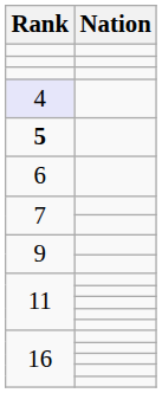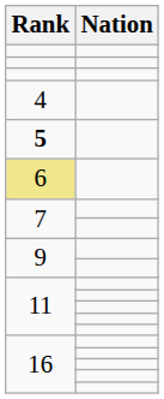 <table class="wikitable sortable" style="text-align:center">
 <tr>
 <th>Rank</th>
 <th>Nation</th>
 </tr>
 <tr>
 <td></td>
 <td align=left></td>
 </tr>
 <tr>
 <td></td>
 <td align=left></td>
 </tr>
 <tr>
 <td></td>
 <td align=left></td>
 </tr>
 <tr>
-<td style="background: lavender;">4</td>
+<td>4</td>
 <td align=left></td>
 </tr>
 <tr>
 <td><strong>5</strong></td>
 <td align=left></td>
 </tr>
 <tr>
-<td>6</td>
+<td style="background: khaki;">6</td>
 <td align=left></td>
 </tr>
 <tr>
 <td rowspan=2>7</td>
 <td align=left></td>
 </tr>
 <tr>
 <td align=left></td>
 </tr>
 <tr>
 <td rowspan=2>9</td>
 <td align=left></td>
 </tr>
 <tr>
 <td align=left></td>
 </tr>
 <tr>
 <td rowspan=5>11</td>
 <td align=left></td>
 </tr>
 <tr>
 <td align=left></td>
 </tr>
 <tr>
 <td align=left></td>
 </tr>
 <tr>
 <td align=left></td>
 </tr>
 <tr>
 <td align=left></td>
 </tr>
 <tr>
 <td rowspan=5>16</td>
 <td align=left></td>
 </tr>
 <tr>
 <td align=left></td>
 </tr>
 <tr>
 <td align=left></td>
 </tr>
 <tr>
 <td align=left></td>
 </tr>
 <tr>
 <td align=left></td>
 </tr>
 </table>
